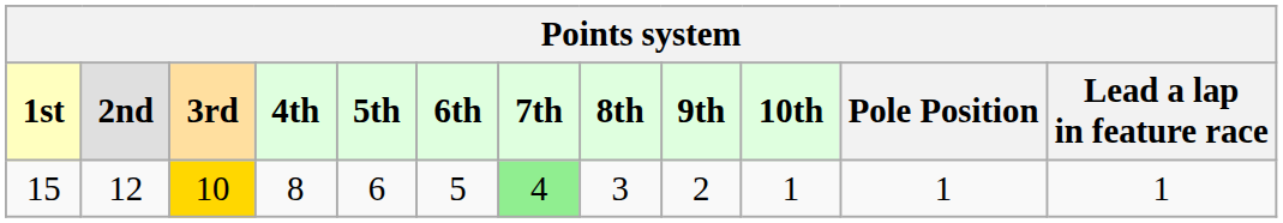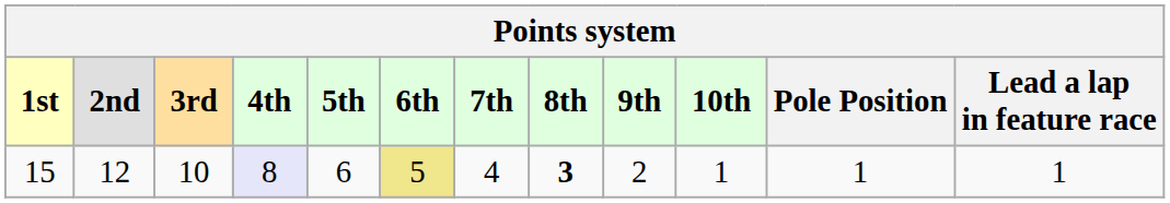 <table class="wikitable" style="font-size:95%; text-align:center">
 <tr>
 <th colspan="19">Points system</th>
 </tr>
 <tr>
 <td style="background:#ffffbf;"> <strong>1st</strong> </td>
 <td style="background:#dfdfdf;"> <strong>2nd</strong> </td>
 <td style="background:#ffdf9f;"> <strong>3rd</strong> </td>
 <td style="background:#dfffdf;"> <strong>4th</strong> </td>
 <td style="background:#dfffdf;"> <strong>5th</strong> </td>
 <td style="background:#dfffdf;"> <strong>6th</strong> </td>
 <td style="background:#dfffdf;"> <strong>7th</strong> </td>
 <td style="background:#dfffdf;"> <strong>8th</strong> </td>
 <td style="background:#dfffdf;"> <strong>9th</strong> </td>
 <td style="background:#dfffdf;"> <strong>10th</strong> </td>
 <th>Pole Position</th>
 <th>Lead a lap<br>in feature race</th>
 </tr>
 <tr>
 <td>15</td>
 <td>12</td>
-<td style="background: gold;">10</td>
-<td>8</td>
+<td>10</td>
+<td style="background: lavender;">8</td>
 <td>6</td>
-<td>5</td>
-<td style="background: lightgreen;">4</td>
-<td>3</td>
+<td style="background: khaki;">5</td>
+<td>4</td>
+<td><strong>3</strong></td>
 <td>2</td>
 <td>1</td>
 <td>1</td>
 <td>1</td>
 </tr>
 </table>
